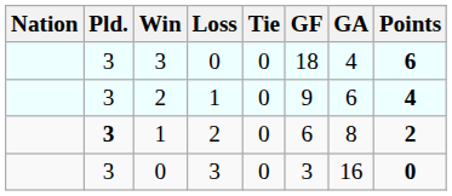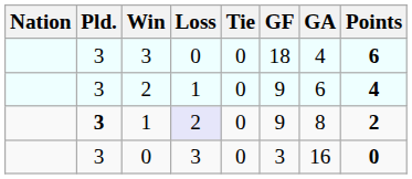 <table class="wikitable" style="text-align:center;">
 <tr>
 <th>Nation</th>
 <th>Pld.</th>
 <th>Win</th>
 <th>Loss</th>
 <th>Tie</th>
 <th>GF</th>
 <th>GA</th>
 <th>Points</th>
 </tr>
 <tr bgcolor=eeffff>
 <td align="left"></td>
 <td>3</td>
 <td>3</td>
 <td>0</td>
 <td>0</td>
 <td>18</td>
 <td>4</td>
 <td><strong>6</strong></td>
 </tr>
 <tr bgcolor=eeffff>
 <td align="left"></td>
 <td>3</td>
 <td>2</td>
 <td>1</td>
 <td>0</td>
 <td>9</td>
 <td>6</td>
 <td><strong>4</strong></td>
 </tr>
 <tr>
 <td align="left"></td>
 <td><strong>3</strong></td>
 <td>1</td>
-<td>2</td>
+<td style="background: lavender;">2</td>
 <td>0</td>
-<td>6</td>
+<td>9</td>
 <td>8</td>
 <td><strong>2</strong></td>
 </tr>
 <tr>
 <td align="left"></td>
 <td>3</td>
 <td>0</td>
 <td>3</td>
 <td>0</td>
 <td>3</td>
 <td>16</td>
 <td><strong>0</strong></td>
 </tr>
 </table>
